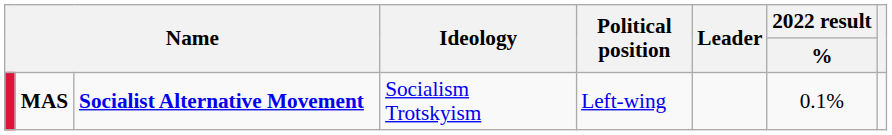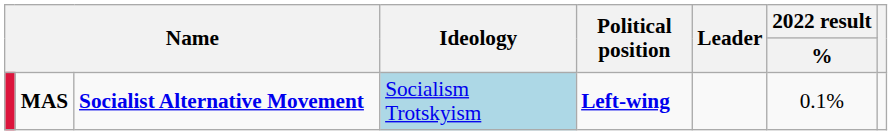 <table class="wikitable">
 <tr>
 <th colspan="3" rowspan="2" style="width:275px;">Name</th>
 <th rowspan="2" style="width:140px">Ideology</th>
 <th rowspan="2" style="width:80px">Political<br>position</th>
 <th rowspan="2">Leader</th>
 <th>2022 result</th>
 <th rowspan="2"></th>
 </tr>
 <tr>
 <th>%</th>
 </tr>
 <tr>
 <td style="background:crimson;"></td>
 <td style="text-align:center;"><strong>MAS</strong></td>
 <td><strong><a href='#'>Socialist Alternative Movement</a><br></strong></td>
-<td><a href='#'>Socialism</a><br><a href='#'>Trotskyism</a></td>
-<td><a href='#'>Left-wing</a></td>
+<td style="background: lightblue;"><a href='#'>Socialism</a><br><a href='#'>Trotskyism</a></td>
+<td><strong><a href='#'>Left-wing</a></strong></td>
 <td></td>
 <td style="text-align:center;">0.1%</td>
 <td></td>
 </tr>
 </table>
